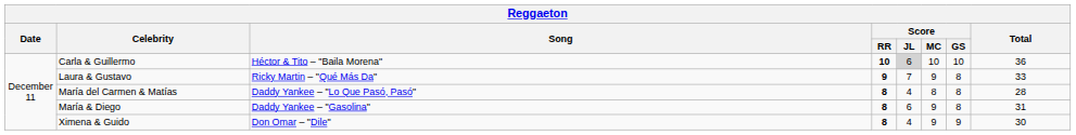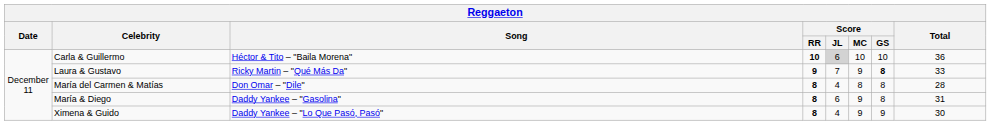 <table class="wikitable collapsible collapsed" style="font-size:90%; text-align: center; width: 100%;">
 <tr>
 <th colspan="11" style="with: 95%;"><big><a href='#'>Reggaeton</a></big></th>
 </tr>
 <tr>
 <th width=70 rowspan="2">Date</th>
 <th width=280 rowspan="2">Celebrity</th>
 <th rowspan="2">Song</th>
 <th colspan="4">Score</th>
 <th rowspan="2">Total</th>
 </tr>
 <tr>
 <th width=30>RR</th>
 <th width=30>JL</th>
 <th width=30>MC</th>
 <th width=30>GS</th>
 </tr>
 <tr>
 <td rowspan="5">December 11</td>
 <td style="text-align:left;">Carla & Guillermo</td>
 <td style="text-align:left;"><a href='#'>Héctor & Tito</a> – "Baila Morena"</td>
 <td><strong>10</strong></td>
 <td style="background: lightgrey;">6</td>
 <td>10</td>
 <td>10</td>
 <td>36</td>
 </tr>
 <tr>
 <td style="text-align:left;">Laura & Gustavo</td>
 <td style="text-align:left;"><a href='#'>Ricky Martin</a> – "<a href='#'>Qué Más Da</a>"</td>
 <td><strong>9</strong></td>
 <td>7</td>
 <td>9</td>
-<td>8</td>
+<td><strong>8</strong></td>
 <td>33</td>
 </tr>
 <tr>
 <td style="text-align:left;">María del Carmen & Matías</td>
-<td style="text-align:left;"><a href='#'>Daddy Yankee</a> – "<a href='#'>Lo Que Pasó, Pasó</a>"</td>
+<td style="text-align:left;"><a href='#'>Don Omar</a> – "<a href='#'>Dile</a>"</td>
 <td><strong>8</strong></td>
 <td>4</td>
 <td>8</td>
 <td>8</td>
 <td>28</td>
 </tr>
 <tr>
 <td style="text-align:left;">María & Diego</td>
 <td style="text-align:left;"><a href='#'>Daddy Yankee</a> – "<a href='#'>Gasolina</a>"</td>
 <td><strong>8</strong></td>
 <td>6</td>
 <td>9</td>
 <td>8</td>
 <td>31</td>
 </tr>
 <tr>
 <td style="text-align:left;">Ximena & Guido</td>
-<td style="text-align:left;"><a href='#'>Don Omar</a> – "<a href='#'>Dile</a>"</td>
+<td style="text-align:left;"><a href='#'>Daddy Yankee</a> – "<a href='#'>Lo Que Pasó, Pasó</a>"</td>
 <td><strong>8</strong></td>
 <td>4</td>
 <td>9</td>
 <td>9</td>
 <td>30</td>
 </tr>
 </table>
